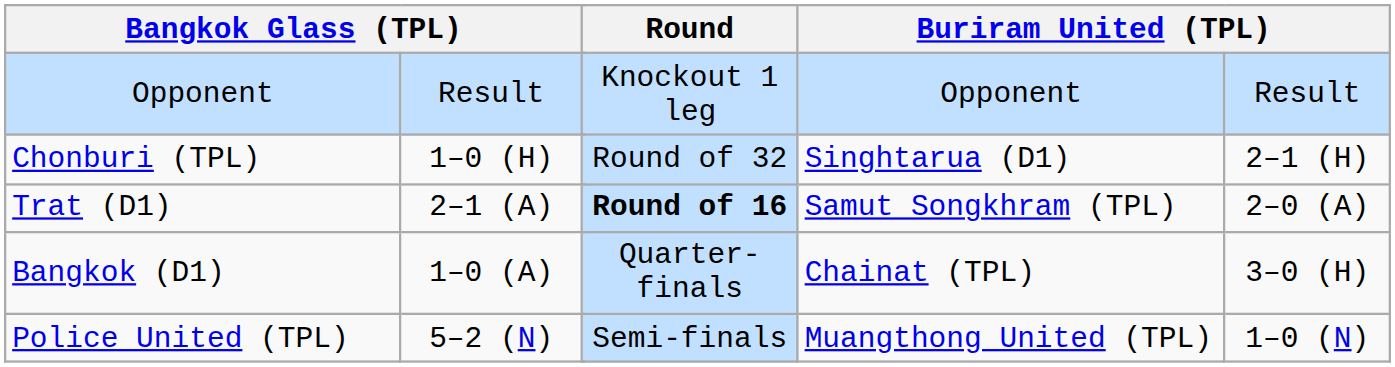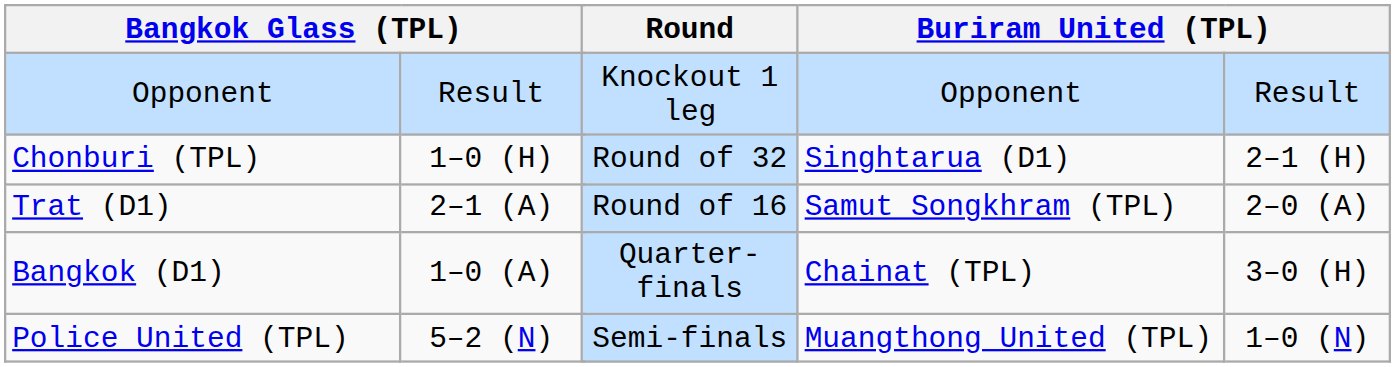 <table class="wikitable" style="text-align:center">
 <tr>
 <th colspan=4 width="350"><a href='#'>Bangkok Glass</a> (TPL)</th>
 <th>Round</th>
 <th colspan=4 width="350"><a href='#'>Buriram United</a> (TPL)</th>
 </tr>
 <tr style="background:#C1E0FF">
 <td>Opponent</td>
 <td colspan=3>Result</td>
 <td>Knockout 1 leg</td>
 <td>Opponent</td>
 <td colspan=3>Result</td>
 </tr>
 <tr>
 <td align=left><a href='#'>Chonburi</a> (TPL)</td>
 <td colspan=3>1–0 (H)</td>
 <td style="background:#C1E0FF">Round of 32</td>
 <td align=left><a href='#'>Singhtarua</a> (D1)</td>
 <td colspan=3>2–1 (H)</td>
 </tr>
 <tr>
 <td align=left><a href='#'>Trat</a> (D1)</td>
 <td colspan=3>2–1 (A)</td>
-<td style="background:#C1E0FF"><strong>Round of 16</strong></td>
+<td style="background:#C1E0FF">Round of 16</td>
 <td align=left><a href='#'>Samut Songkhram</a> (TPL)</td>
 <td colspan=3>2–0 (A)</td>
 </tr>
 <tr>
 <td align=left><a href='#'>Bangkok</a> (D1)</td>
 <td colspan=3>1–0 (A)</td>
 <td style="background:#C1E0FF">Quarter-finals</td>
 <td align=left><a href='#'>Chainat</a> (TPL)</td>
 <td colspan=3>3–0 (H)</td>
 </tr>
 <tr>
 <td align=left><a href='#'>Police United</a> (TPL)</td>
 <td colspan=3>5–2 (<a href='#'>N</a>)</td>
 <td style="background:#C1E0FF">Semi-finals</td>
 <td align=left><a href='#'>Muangthong United</a> (TPL)</td>
 <td colspan=3>1–0 (<a href='#'>N</a>)</td>
 </tr>
 </table>
